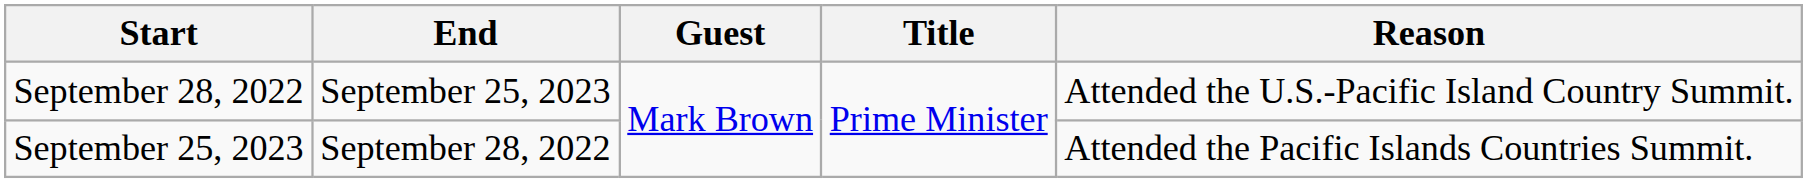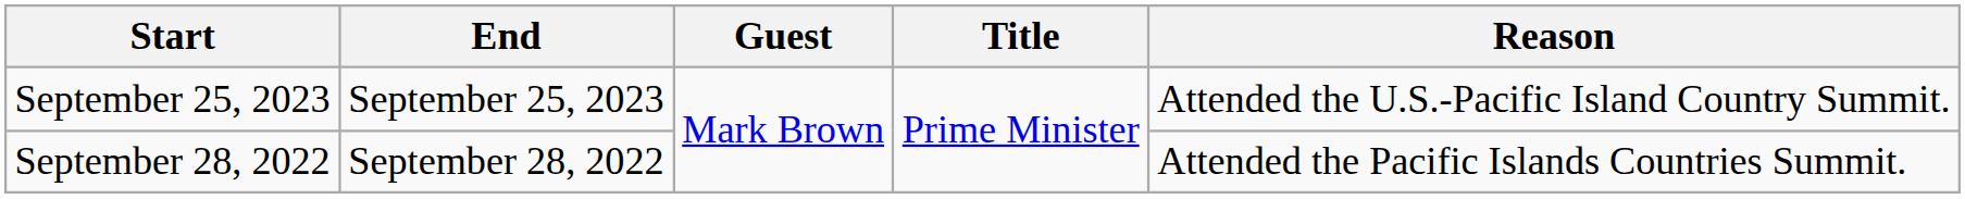 <table class="wikitable sortable">
 <tr>
 <th>Start</th>
 <th>End</th>
 <th>Guest</th>
 <th>Title</th>
 <th>Reason</th>
 </tr>
 <tr>
-<td>September 28, 2022</td>
+<td>September 25, 2023</td>
 <td>September 25, 2023</td>
 <td rowspan=2><a href='#'>Mark Brown</a></td>
 <td rowspan=2><a href='#'>Prime Minister</a></td>
 <td>Attended the U.S.-Pacific Island Country Summit.</td>
 </tr>
 <tr>
-<td>September 25, 2023</td>
+<td>September 28, 2022</td>
 <td>September 28, 2022</td>
 <td>Attended the Pacific Islands Countries Summit.</td>
 </tr>
 </table>
